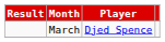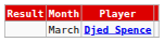 <table class="wikitable" style="text-align:left">
 <tr>
 <th style="background:#DD0000; color:#FFFFFF;">Result</th>
 <th style="background:#DD0000; color:#FFFFFF;">Month</th>
 <th style="background:#DD0000;color:#FFFFFF;">Player</th>
 <th style="background:#DD0000; color:#FFFFFF;"></th>
 </tr>
 <tr>
 </tr>
 <tr>
 <td></td>
 <td>March</td>
-<td> <a href='#'>Djed Spence</a></td>
+<td><strong> <a href='#'>Djed Spence</a></strong></td>
 <td></td>
 </tr>
 <tr>
 </tr>
 </table>
